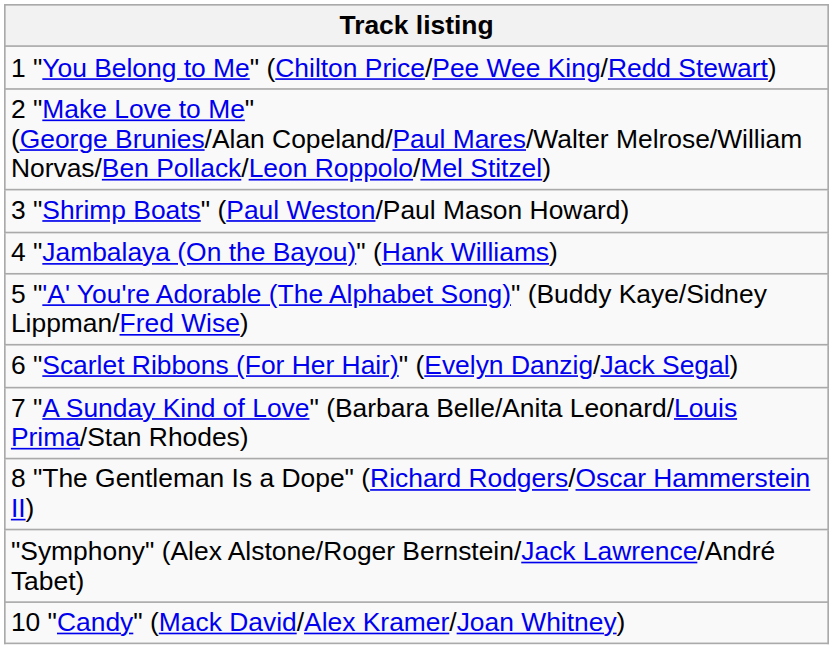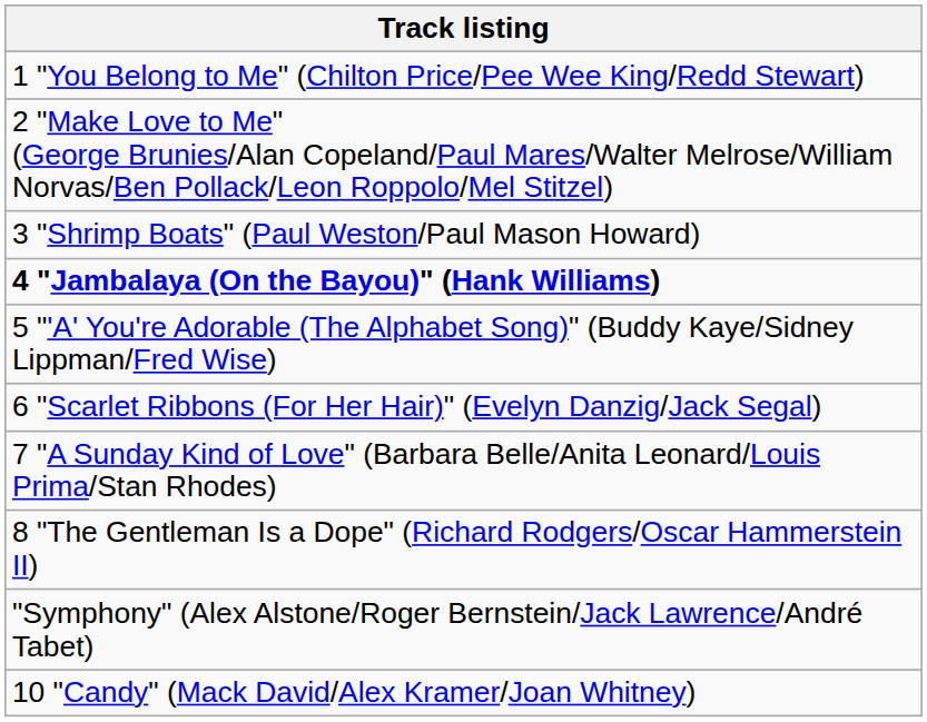 <table class="wikitable collapsible collapsed" style="width:500px;">
 <tr>
 <th>Track listing</th>
 </tr>
 <tr>
 <td>1 "<a href='#'>You Belong to Me</a>" (<a href='#'>Chilton Price</a>/<a href='#'>Pee Wee King</a>/<a href='#'>Redd Stewart</a>)</td>
 </tr>
 <tr>
 <td>2 "<a href='#'>Make Love to Me</a>"<br> (<a href='#'>George Brunies</a>/Alan Copeland/<a href='#'>Paul Mares</a>/Walter Melrose/William Norvas/<a href='#'>Ben Pollack</a>/<a href='#'>Leon Roppolo</a>/<a href='#'>Mel Stitzel</a>)</td>
 </tr>
 <tr>
 <td>3 "<a href='#'>Shrimp Boats</a>" (<a href='#'>Paul Weston</a>/Paul Mason Howard)</td>
 </tr>
 <tr>
-<td>4 "<a href='#'>Jambalaya (On the Bayou)</a>" (<a href='#'>Hank Williams</a>)</td>
+<td><strong>4 "<a href='#'>Jambalaya (On the Bayou)</a>" (<a href='#'>Hank Williams</a>)</strong></td>
 </tr>
 <tr>
 <td>5 "<a href='#'>'A' You're Adorable (The Alphabet Song)</a>" (Buddy Kaye/Sidney Lippman/<a href='#'>Fred Wise</a>)</td>
 </tr>
 <tr>
 <td>6 "<a href='#'>Scarlet Ribbons (For Her Hair)</a>" (<a href='#'>Evelyn Danzig</a>/<a href='#'>Jack Segal</a>)</td>
 </tr>
 <tr>
 <td>7 "<a href='#'>A Sunday Kind of Love</a>" (Barbara Belle/Anita Leonard/<a href='#'>Louis Prima</a>/Stan Rhodes)</td>
 </tr>
 <tr>
 <td>8 "The Gentleman Is a Dope" (<a href='#'>Richard Rodgers</a>/<a href='#'>Oscar Hammerstein II</a>)</td>
 </tr>
 <tr>
 <td 9>"Symphony" (Alex Alstone/Roger Bernstein/<a href='#'>Jack Lawrence</a>/André Tabet)</td>
 </tr>
 <tr>
 <td>10 "<a href='#'>Candy</a>" (<a href='#'>Mack David</a>/<a href='#'>Alex Kramer</a>/<a href='#'>Joan Whitney</a>)</td>
 </tr>
 </table>
